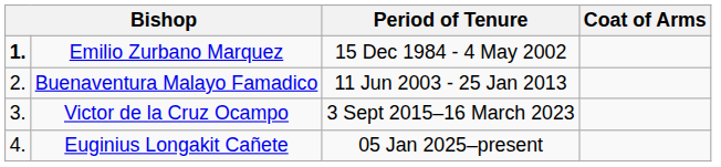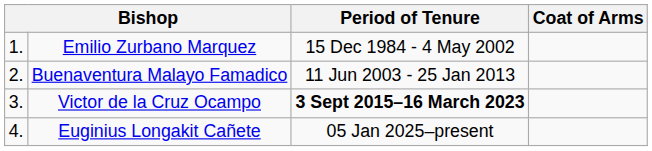 <table class="wikitable" style="text-align:center;">
 <tr>
 <th colspan=2>Bishop</th>
 <th>Period of Tenure</th>
 <th>Coat of Arms</th>
 </tr>
 <tr>
-<td><strong>1.</strong></td>
+<td>1.</td>
 <td><a href='#'>Emilio Zurbano Marquez</a></td>
 <td>15 Dec 1984 - 4 May 2002</td>
 <td></td>
 </tr>
 <tr>
 <td>2.</td>
 <td><a href='#'>Buenaventura Malayo Famadico</a></td>
 <td>11 Jun 2003 - 25 Jan 2013</td>
 <td></td>
 </tr>
 <tr>
 <td>3.</td>
 <td><a href='#'>Victor de la Cruz Ocampo</a></td>
-<td>3 Sept 2015–16 March 2023</td>
+<td><strong>3 Sept 2015–16 March 2023</strong></td>
 <td></td>
 </tr>
 <tr>
 <td>4.</td>
 <td><a href='#'>Euginius Longakit Cañete</a></td>
 <td>05 Jan 2025–present</td>
 <td></td>
 </tr>
 </table>
